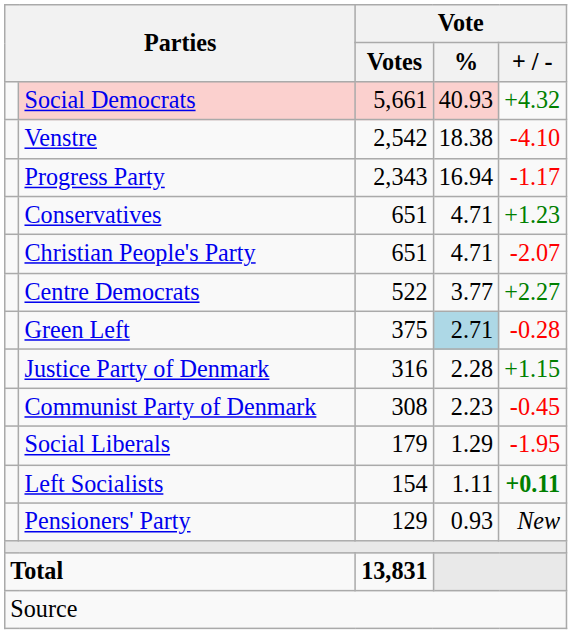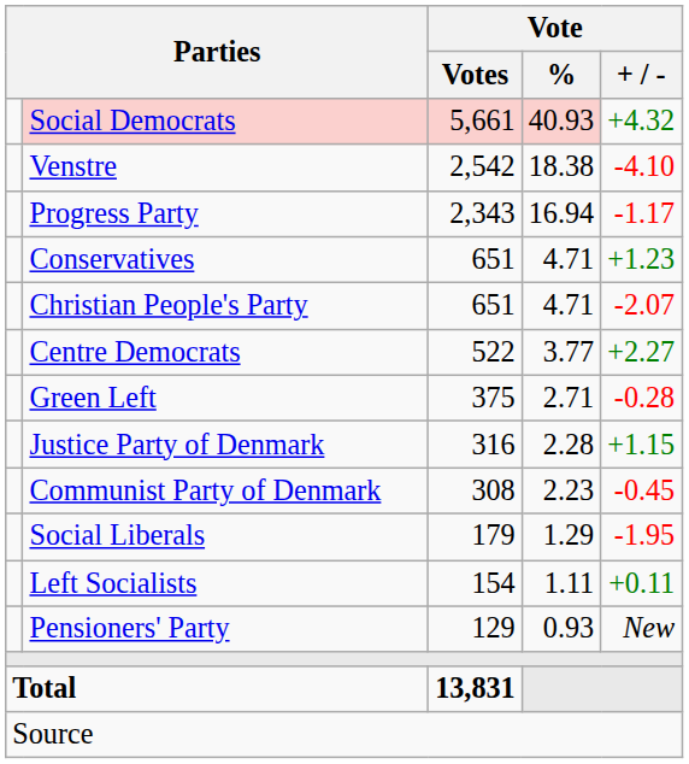 <table class="wikitable" style="text-align:right;">
 <tr>
 <th style="text-align:centre;" rowspan="2" colspan="2" width="225">Parties</th>
 <th colspan="3">Vote</th>
 </tr>
 <tr>
 <th width="15">Votes</th>
 <th width="15">%</th>
 <th width="15">+ / -</th>
 </tr>
 <tr>
 <td width="2" style="color:inherit;background:"></td>
 <td bgcolor=#fbd0ce  align="left"><a href='#'>Social Democrats</a></td>
 <td bgcolor=#fbd0ce>5,661</td>
 <td bgcolor=#fbd0ce>40.93</td>
 <td style=color:green;>+4.32</td>
 </tr>
 <tr>
 <td width="2" style="color:inherit;background:"></td>
 <td align="left"><a href='#'>Venstre</a></td>
 <td>2,542</td>
 <td>18.38</td>
 <td style=color:red;>-4.10</td>
 </tr>
 <tr>
 <td width="2" style="color:inherit;background:"></td>
 <td align="left"><a href='#'>Progress Party</a></td>
 <td>2,343</td>
 <td>16.94</td>
 <td style=color:red;>-1.17</td>
 </tr>
 <tr>
 <td width="2" style="color:inherit;background:"></td>
 <td align="left"><a href='#'>Conservatives</a></td>
 <td>651</td>
 <td>4.71</td>
 <td style=color:green;>+1.23</td>
 </tr>
 <tr>
 <td width="2" style="color:inherit;background:"></td>
 <td align="left"><a href='#'>Christian People's Party</a></td>
 <td>651</td>
 <td>4.71</td>
 <td style=color:red;>-2.07</td>
 </tr>
 <tr>
 <td width="2" style="color:inherit;background:"></td>
 <td align="left"><a href='#'>Centre Democrats</a></td>
 <td>522</td>
 <td>3.77</td>
 <td style=color:green;>+2.27</td>
 </tr>
 <tr>
 <td width="2" style="color:inherit;background:"></td>
 <td align="left"><a href='#'>Green Left</a></td>
 <td>375</td>
-<td style="background: lightblue;">2.71</td>
+<td>2.71</td>
 <td style=color:red;>-0.28</td>
 </tr>
 <tr>
 <td width="2" style="color:inherit;background:"></td>
 <td align="left"><a href='#'>Justice Party of Denmark</a></td>
 <td>316</td>
 <td>2.28</td>
 <td style=color:green;>+1.15</td>
 </tr>
 <tr>
 <td width="2" style="color:inherit;background:"></td>
 <td align="left"><a href='#'>Communist Party of Denmark</a></td>
 <td>308</td>
 <td>2.23</td>
 <td style=color:red;>-0.45</td>
 </tr>
 <tr>
 <td width="2" style="color:inherit;background:"></td>
 <td align="left"><a href='#'>Social Liberals</a></td>
 <td>179</td>
 <td>1.29</td>
 <td style=color:red;>-1.95</td>
 </tr>
 <tr>
 <td width="2" style="color:inherit;background:"></td>
 <td align="left"><a href='#'>Left Socialists</a></td>
 <td>154</td>
 <td>1.11</td>
-<td style=color:green;><strong>+0.11</strong></td>
+<td style=color:green;>+0.11</td>
 </tr>
 <tr>
 <td width="2" style="color:inherit;background:"></td>
 <td align="left"><a href='#'>Pensioners' Party</a></td>
 <td>129</td>
 <td>0.93</td>
 <td><em>New</em></td>
 </tr>
 <tr>
 <td colspan="7" bgcolor="#E9E9E9"></td>
 </tr>
 <tr>
 <td align="left" colspan="2"><strong>Total</strong></td>
 <td><strong>13,831</strong></td>
 <td bgcolor="#E9E9E9" colspan="2"></td>
 </tr>
 <tr>
 <td align="left" colspan="6">Source</td>
 </tr>
 </table>
